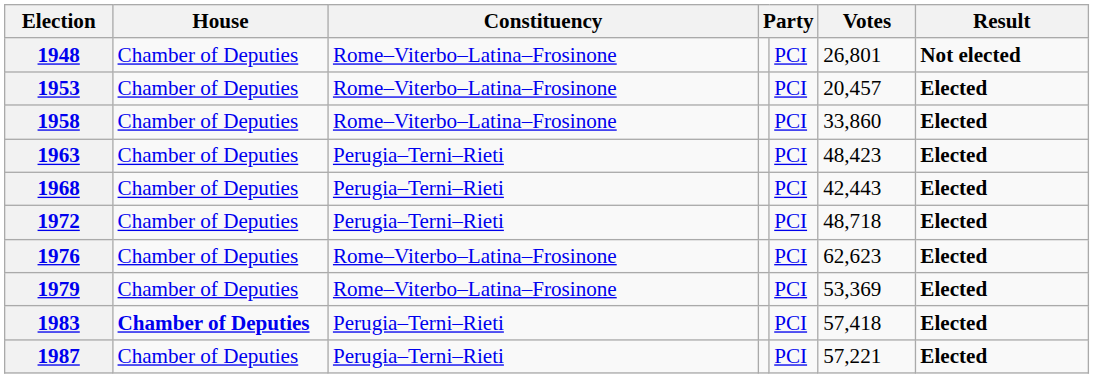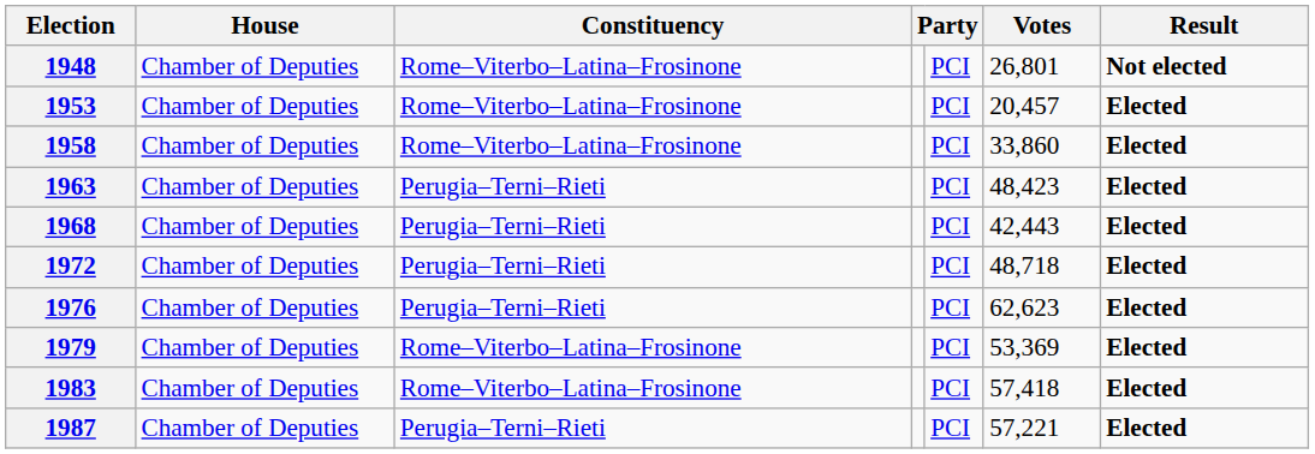 <table class=wikitable style="width:65%; border:1px #AAAAFF solid">
 <tr>
 <th width=10%>Election</th>
 <th width=20%>House</th>
 <th width=40%>Constituency</th>
 <th width=5% colspan="2">Party</th>
 <th width=9%>Votes</th>
 <th width=22%>Result</th>
 </tr>
 <tr>
 <th><a href='#'>1948</a></th>
 <td><a href='#'>Chamber of Deputies</a></td>
 <td><a href='#'>Rome–Viterbo–Latina–Frosinone</a></td>
 <td></td>
 <td><a href='#'>PCI</a></td>
 <td>26,801</td>
 <td> <strong>Not elected</strong></td>
 </tr>
 <tr>
 <th><a href='#'>1953</a></th>
 <td><a href='#'>Chamber of Deputies</a></td>
 <td><a href='#'>Rome–Viterbo–Latina–Frosinone</a></td>
 <td></td>
 <td><a href='#'>PCI</a></td>
 <td>20,457</td>
 <td> <strong>Elected</strong></td>
 </tr>
 <tr>
 <th><a href='#'>1958</a></th>
 <td><a href='#'>Chamber of Deputies</a></td>
 <td><a href='#'>Rome–Viterbo–Latina–Frosinone</a></td>
 <td></td>
 <td><a href='#'>PCI</a></td>
 <td>33,860</td>
 <td> <strong>Elected</strong></td>
 </tr>
 <tr>
 <th><a href='#'>1963</a></th>
 <td><a href='#'>Chamber of Deputies</a></td>
 <td><a href='#'>Perugia–Terni–Rieti</a></td>
 <td></td>
 <td><a href='#'>PCI</a></td>
 <td>48,423</td>
 <td> <strong>Elected</strong></td>
 </tr>
 <tr>
 <th><a href='#'>1968</a></th>
 <td><a href='#'>Chamber of Deputies</a></td>
 <td><a href='#'>Perugia–Terni–Rieti</a></td>
 <td></td>
 <td><a href='#'>PCI</a></td>
 <td>42,443</td>
 <td> <strong>Elected</strong></td>
 </tr>
 <tr>
 <th><a href='#'>1972</a></th>
 <td><a href='#'>Chamber of Deputies</a></td>
 <td><a href='#'>Perugia–Terni–Rieti</a></td>
 <td></td>
 <td><a href='#'>PCI</a></td>
 <td>48,718</td>
 <td> <strong>Elected</strong></td>
 </tr>
 <tr>
 <th><a href='#'>1976</a></th>
 <td><a href='#'>Chamber of Deputies</a></td>
-<td><a href='#'>Rome–Viterbo–Latina–Frosinone</a></td>
+<td><a href='#'>Perugia–Terni–Rieti</a></td>
 <td></td>
 <td><a href='#'>PCI</a></td>
 <td>62,623</td>
 <td> <strong>Elected</strong></td>
 </tr>
 <tr>
 <th><a href='#'>1979</a></th>
 <td><a href='#'>Chamber of Deputies</a></td>
 <td><a href='#'>Rome–Viterbo–Latina–Frosinone</a></td>
 <td></td>
 <td><a href='#'>PCI</a></td>
 <td>53,369</td>
 <td> <strong>Elected</strong></td>
 </tr>
 <tr>
 <th><a href='#'>1983</a></th>
-<td><strong><a href='#'>Chamber of Deputies</a></strong></td>
-<td><a href='#'>Perugia–Terni–Rieti</a></td>
+<td><a href='#'>Chamber of Deputies</a></td>
+<td><a href='#'>Rome–Viterbo–Latina–Frosinone</a></td>
 <td></td>
 <td><a href='#'>PCI</a></td>
 <td>57,418</td>
 <td> <strong>Elected</strong></td>
 </tr>
 <tr>
 <th><a href='#'>1987</a></th>
 <td><a href='#'>Chamber of Deputies</a></td>
 <td><a href='#'>Perugia–Terni–Rieti</a></td>
 <td></td>
 <td><a href='#'>PCI</a></td>
 <td>57,221</td>
 <td> <strong>Elected</strong></td>
 </tr>
 </table>
